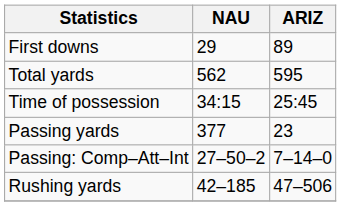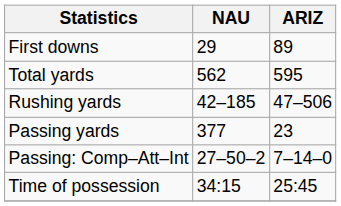 <table class="wikitable" style="float: left;">
 <tr>
 <th>Statistics</th>
 <th>NAU</th>
 <th>ARIZ</th>
 </tr>
 <tr>
 <td>First downs</td>
 <td>29</td>
 <td>89</td>
 </tr>
 <tr>
 <td>Total yards</td>
 <td>562</td>
 <td>595</td>
 </tr>
 <tr>
-<td>Time of possession</td>
-<td>34:15</td>
-<td>25:45</td>
+<td>Rushing yards</td>
+<td>42–185</td>
+<td>47–506</td>
 </tr>
 <tr>
 <td>Passing yards</td>
 <td>377</td>
 <td>23</td>
 </tr>
 <tr>
 <td>Passing: Comp–Att–Int</td>
 <td>27–50–2</td>
 <td>7–14–0</td>
 </tr>
 <tr>
-<td>Rushing yards</td>
-<td>42–185</td>
-<td>47–506</td>
+<td>Time of possession</td>
+<td>34:15</td>
+<td>25:45</td>
 </tr>
 <tr>
 </tr>
 </table>
